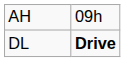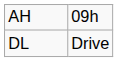 <table class="wikitable">
 <tr>
 <td width="58%">AH</td>
 <td width="42%">09h</td>
 </tr>
 <tr>
 <td width="58%">DL</td>
-<td width="42%"><strong>Drive</strong></td>
+<td width="42%">Drive</td>
 </tr>
 </table>
